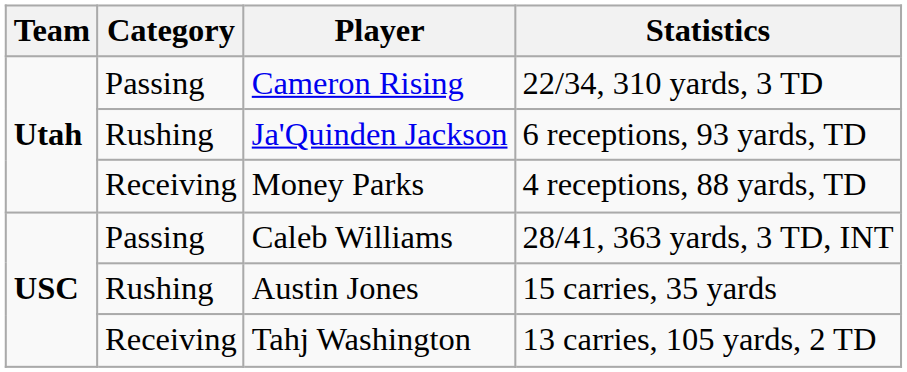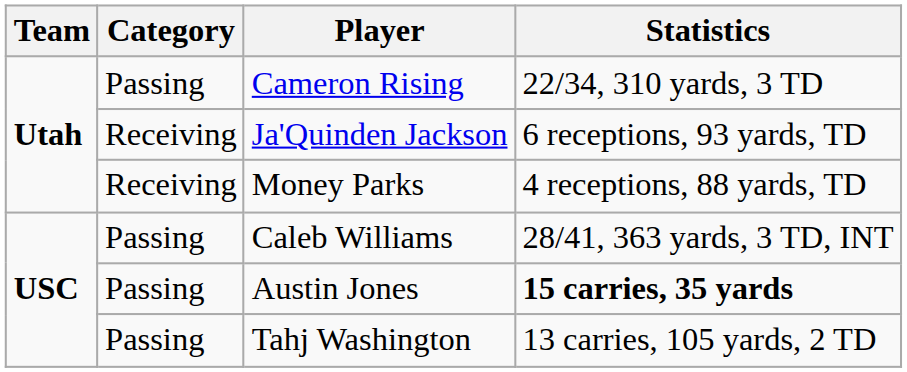 <table class="wikitable" style="float: right;">
 <tr>
 <th>Team</th>
 <th>Category</th>
 <th>Player</th>
 <th>Statistics</th>
 </tr>
 <tr>
 <td rowspan=3><strong>Utah</strong></td>
 <td>Passing</td>
 <td><a href='#'>Cameron Rising</a></td>
 <td>22/34, 310 yards, 3 TD</td>
 </tr>
 <tr>
-<td>Rushing</td>
+<td>Receiving</td>
 <td><a href='#'>Ja'Quinden Jackson</a></td>
 <td>6 receptions, 93 yards, TD</td>
 </tr>
 <tr>
 <td>Receiving</td>
 <td>Money Parks</td>
 <td>4 receptions, 88 yards, TD</td>
 </tr>
 <tr>
 <td rowspan=3><strong>USC</strong></td>
 <td>Passing</td>
 <td>Caleb Williams</td>
 <td>28/41, 363 yards, 3 TD, INT</td>
 </tr>
 <tr>
-<td>Rushing</td>
+<td>Passing</td>
 <td>Austin Jones</td>
-<td>15 carries, 35 yards</td>
+<td><strong>15 carries, 35 yards</strong></td>
 </tr>
 <tr>
-<td>Receiving</td>
+<td>Passing</td>
 <td>Tahj Washington</td>
 <td>13 carries, 105 yards, 2 TD</td>
 </tr>
 </table>
